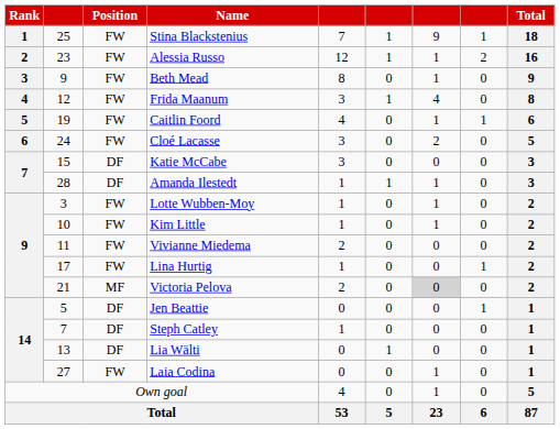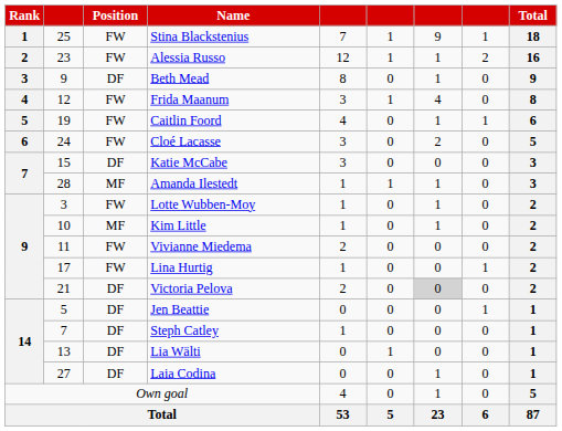 <table class="wikitable sortable" style="text-align:center; font-size:100%; ">
 <tr>
 <th style="background:#d50000; color:white; text-align:center; width:40px;">Rank</th>
 <th style="background:#d50000; color:white; text-align:center; width:40px;"></th>
 <th style="background:#d50000; color:white; text-align:center; width:70px;">Position</th>
 <th style="background:#d50000; color:white; text-align:center; width:200px;">Name</th>
 <th style="background:#d50000; color:white; text-align:center; width:50px;"><a href='#'></a></th>
 <th style="background:#d50000; color:white; text-align:center; width:50px;"><a href='#'></a></th>
 <th style="background:#d50000; color:white; text-align:center; width:50px;"><a href='#'></a></th>
 <th style="background:#d50000; color:white; text-align:center; width:50px;"><a href='#'></a></th>
 <th style="background:#d50000; color:white; text-align:center; width:50px;">Total</th>
 </tr>
 <tr>
 <th>1</th>
 <td>25</td>
 <td>FW</td>
 <td align="left"> <a href='#'>Stina Blackstenius</a></td>
 <td>7</td>
 <td>1</td>
 <td>9</td>
 <td>1</td>
 <th>18</th>
 </tr>
 <tr>
 <th>2</th>
 <td>23</td>
 <td>FW</td>
 <td align="left"> <a href='#'>Alessia Russo</a></td>
 <td>12</td>
 <td>1</td>
 <td>1</td>
 <td>2</td>
 <th>16</th>
 </tr>
 <tr>
 <th>3</th>
 <td>9</td>
-<td>FW</td>
+<td>DF</td>
 <td align="left"> <a href='#'>Beth Mead</a></td>
 <td>8</td>
 <td>0</td>
 <td>1</td>
 <td>0</td>
 <th>9</th>
 </tr>
 <tr>
 <th>4</th>
 <td>12</td>
 <td>FW</td>
 <td align="left"> <a href='#'>Frida Maanum</a></td>
 <td>3</td>
 <td>1</td>
 <td>4</td>
 <td>0</td>
 <th>8</th>
 </tr>
 <tr>
 <th>5</th>
 <td>19</td>
 <td>FW</td>
 <td align="left"> <a href='#'>Caitlin Foord</a></td>
 <td>4</td>
 <td>0</td>
 <td>1</td>
 <td>1</td>
 <th>6</th>
 </tr>
 <tr>
 <th>6</th>
 <td>24</td>
 <td>FW</td>
 <td align="left"> <a href='#'>Cloé Lacasse</a></td>
 <td>3</td>
 <td>0</td>
 <td>2</td>
 <td>0</td>
 <th>5</th>
 </tr>
 <tr>
 <th rowspan="2">7</th>
 <td>15</td>
 <td>DF</td>
 <td align="left"> <a href='#'>Katie McCabe</a></td>
 <td>3</td>
 <td>0</td>
 <td>0</td>
 <td>0</td>
 <th>3</th>
 </tr>
 <tr>
 <td>28</td>
-<td>DF</td>
+<td>MF</td>
 <td align="left"> <a href='#'>Amanda Ilestedt</a></td>
 <td>1</td>
 <td>1</td>
 <td>1</td>
 <td>0</td>
 <th>3</th>
 </tr>
 <tr>
 <th rowspan="5">9</th>
 <td>3</td>
 <td>FW</td>
 <td align="left"> <a href='#'>Lotte Wubben-Moy</a></td>
 <td>1</td>
 <td>0</td>
 <td>1</td>
 <td>0</td>
 <th>2</th>
 </tr>
 <tr>
 <td>10</td>
-<td>FW</td>
+<td>MF</td>
 <td align="left"> <a href='#'>Kim Little</a></td>
 <td>1</td>
 <td>0</td>
 <td>1</td>
 <td>0</td>
 <th>2</th>
 </tr>
 <tr>
 <td>11</td>
 <td>FW</td>
 <td align="left"> <a href='#'>Vivianne Miedema</a></td>
 <td>2</td>
 <td>0</td>
 <td>0</td>
 <td>0</td>
 <th>2</th>
 </tr>
 <tr>
 <td>17</td>
 <td>FW</td>
 <td align="left"> <a href='#'>Lina Hurtig</a></td>
 <td>1</td>
 <td>0</td>
 <td>0</td>
 <td>1</td>
 <th>2</th>
 </tr>
 <tr>
 <td>21</td>
-<td>MF</td>
+<td>DF</td>
 <td align="left"> <a href='#'>Victoria Pelova</a></td>
 <td>2</td>
 <td>0</td>
 <td style="background: lightgrey;">0</td>
 <td>0</td>
 <th>2</th>
 </tr>
 <tr>
 <th rowspan="4">14</th>
 <td>5</td>
 <td>DF</td>
 <td align="left"> <a href='#'>Jen Beattie</a></td>
 <td>0</td>
 <td>0</td>
 <td>0</td>
 <td>1</td>
 <th>1</th>
 </tr>
 <tr>
 <td>7</td>
 <td>DF</td>
 <td align="left"> <a href='#'>Steph Catley</a></td>
 <td>1</td>
 <td>0</td>
 <td>0</td>
 <td>0</td>
 <th>1</th>
 </tr>
 <tr>
 <td>13</td>
 <td>DF</td>
 <td align="left"> <a href='#'>Lia Wälti</a></td>
 <td>0</td>
 <td>1</td>
 <td>0</td>
 <td>0</td>
 <th>1</th>
 </tr>
 <tr>
 <td>27</td>
-<td>FW</td>
+<td>DF</td>
 <td align="left"> <a href='#'>Laia Codina</a></td>
 <td>0</td>
 <td>0</td>
 <td>1</td>
 <td>0</td>
 <th>1</th>
 </tr>
 <tr>
 <td colspan="4"><em>Own goal</em></td>
 <td>4</td>
 <td>0</td>
 <td>1</td>
 <td>0</td>
 <th>5</th>
 </tr>
 <tr>
 <th colspan="4">Total</th>
 <th>53</th>
 <th>5</th>
 <th>23</th>
 <th>6</th>
 <th>87</th>
 </tr>
 </table>
